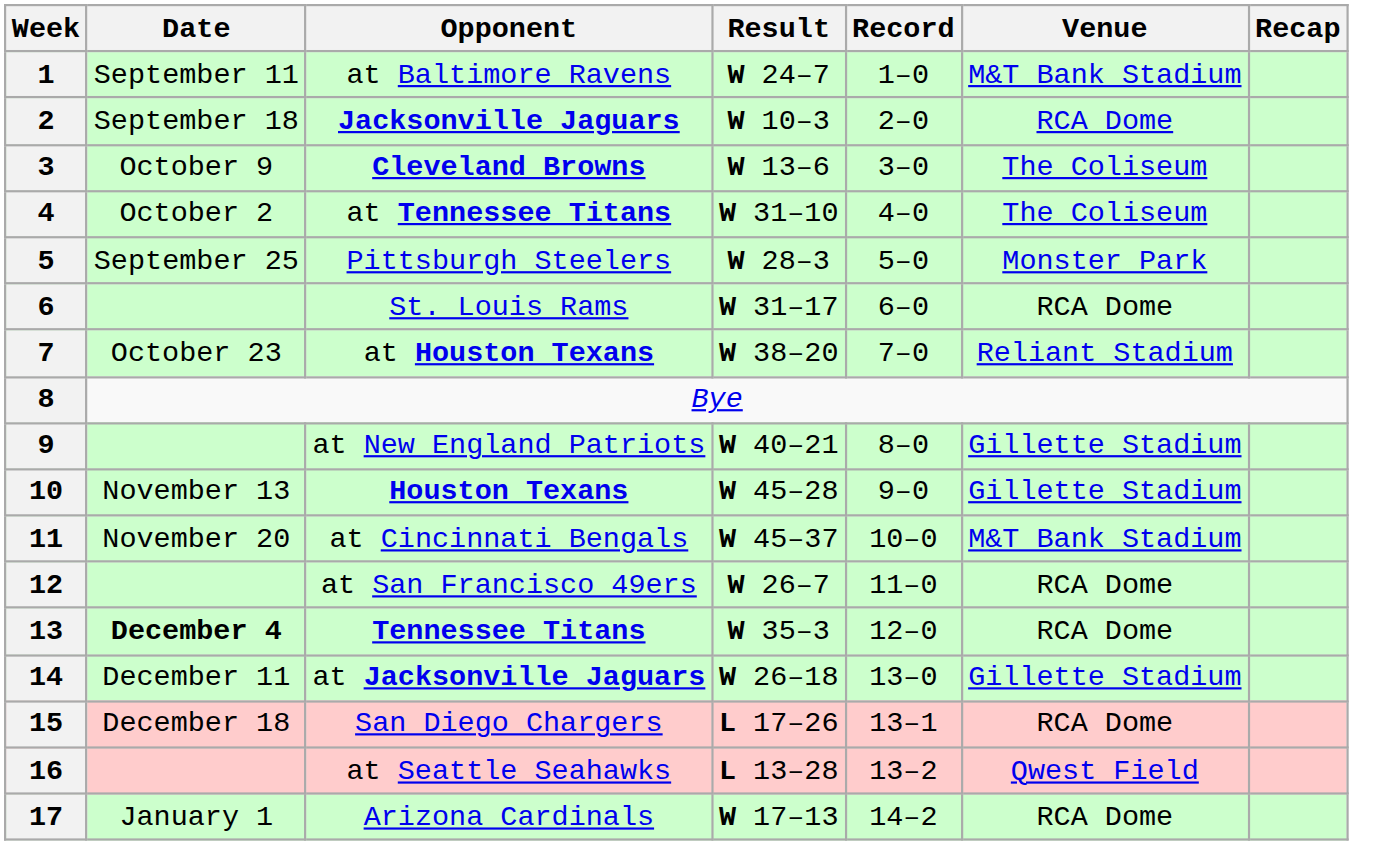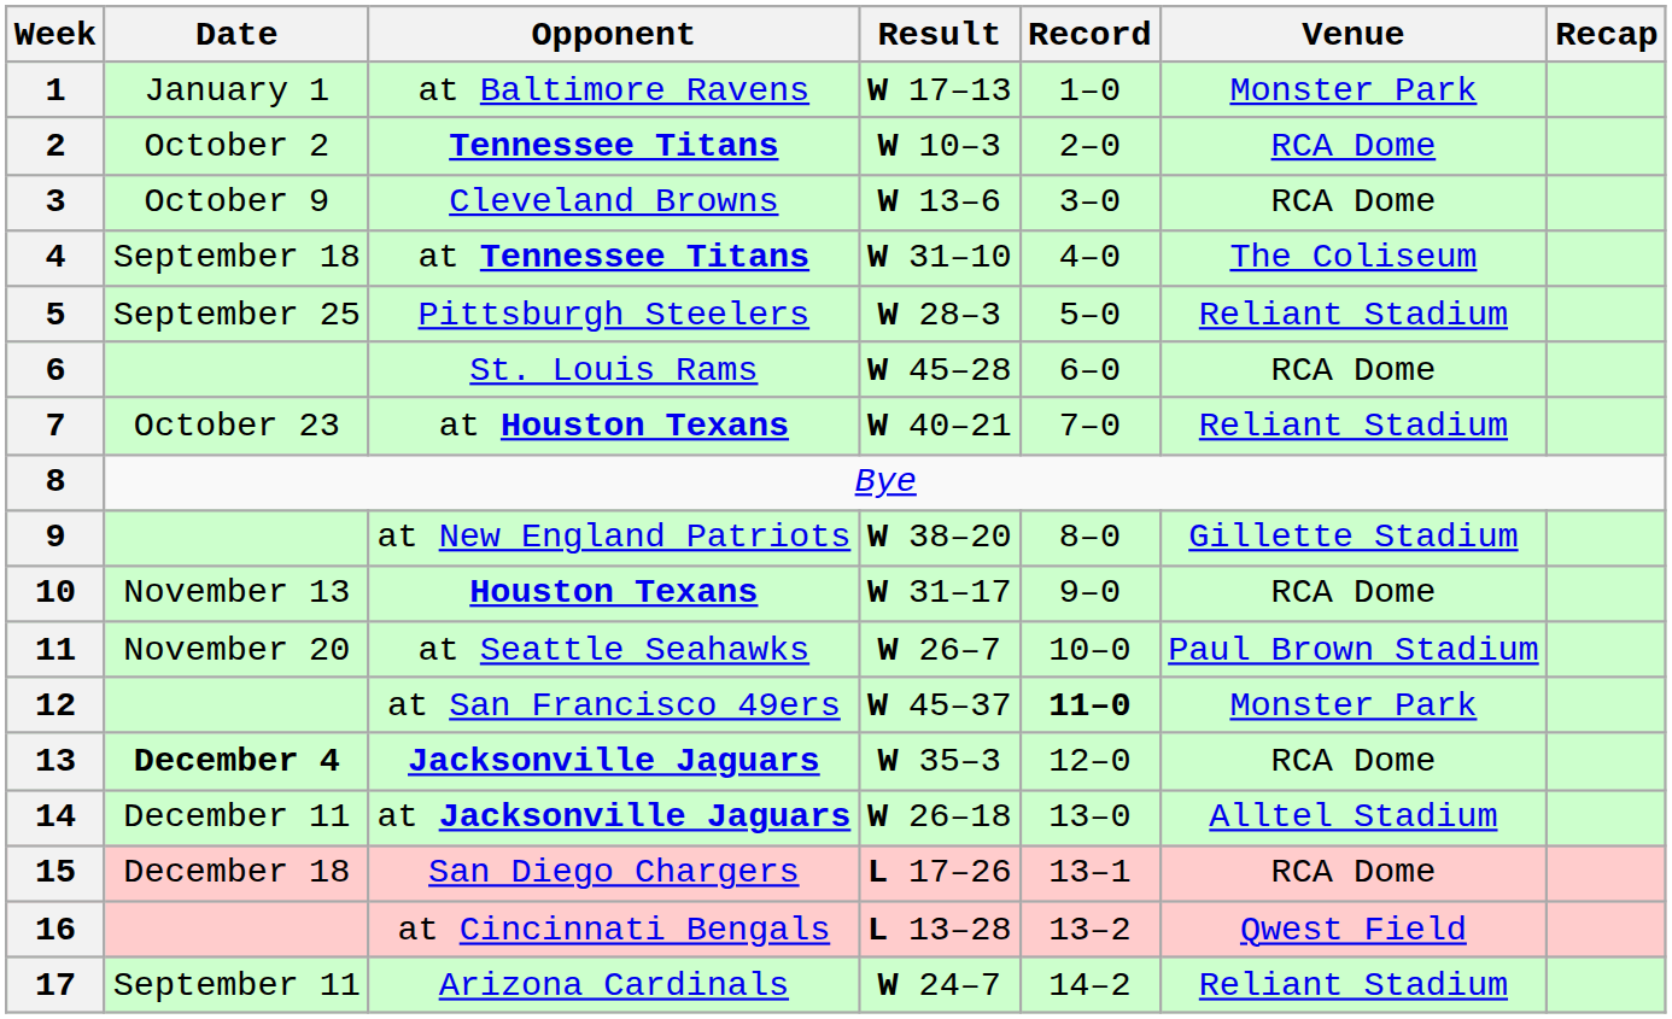 <table class="wikitable" style="text-align:center">
 <tr>
 <th>Week</th>
 <th>Date</th>
 <th>Opponent</th>
 <th>Result</th>
 <th>Record</th>
 <th>Venue</th>
 <th>Recap</th>
 </tr>
 <tr style="background:#cfc; text-align:center;">
 <th>1</th>
-<td>September 11</td>
+<td>January 1</td>
 <td>at <a href='#'>Baltimore Ravens</a></td>
-<td><strong>W</strong> 24–7</td>
+<td><strong>W</strong> 17–13</td>
 <td>1–0</td>
-<td><a href='#'>M&T Bank Stadium</a></td>
+<td><a href='#'>Monster Park</a></td>
 <td></td>
 </tr>
 <tr style="background:#cfc; text-align:center;">
 <th>2</th>
-<td>September 18</td>
-<td><strong><a href='#'>Jacksonville Jaguars</a></strong></td>
+<td>October 2</td>
+<td><strong><a href='#'>Tennessee Titans</a></strong></td>
 <td><strong>W</strong> 10–3</td>
 <td>2–0</td>
 <td><a href='#'>RCA Dome</a></td>
 <td></td>
 </tr>
 <tr style="background:#cfc; text-align:center;">
 <th>3</th>
 <td>October 9</td>
-<td><strong><a href='#'>Cleveland Browns</a></strong></td>
+<td><a href='#'>Cleveland Browns</a></td>
 <td><strong>W</strong> 13–6</td>
 <td>3–0</td>
-<td><a href='#'>The Coliseum</a></td>
+<td>RCA Dome</td>
 <td></td>
 </tr>
 <tr style="background:#cfc; text-align:center;">
 <th>4</th>
-<td>October 2</td>
+<td>September 18</td>
 <td>at <strong><a href='#'>Tennessee Titans</a></strong></td>
 <td><strong>W</strong> 31–10</td>
 <td>4–0</td>
 <td><a href='#'>The Coliseum</a></td>
 <td></td>
 </tr>
 <tr style="background:#cfc; text-align:center;">
 <th>5</th>
 <td>September 25</td>
 <td><a href='#'>Pittsburgh Steelers</a></td>
 <td><strong>W</strong> 28–3</td>
 <td>5–0</td>
-<td><a href='#'>Monster Park</a></td>
+<td><a href='#'>Reliant Stadium</a></td>
 <td></td>
 </tr>
 <tr style="background:#cfc; text-align:center;">
 <th>6</th>
 <td></td>
 <td><a href='#'>St. Louis Rams</a></td>
-<td><strong>W</strong> 31–17</td>
+<td><strong>W</strong> 45–28</td>
 <td>6–0</td>
 <td>RCA Dome</td>
 <td></td>
 </tr>
 <tr style="background:#cfc; text-align:center;">
 <th>7</th>
 <td>October 23</td>
 <td>at <strong><a href='#'>Houston Texans</a></strong></td>
-<td><strong>W</strong> 38–20</td>
+<td><strong>W</strong> 40–21</td>
 <td>7–0</td>
 <td><a href='#'>Reliant Stadium</a></td>
 <td></td>
 </tr>
 <tr style="text-align:center;">
 <th>8</th>
 <td colspan="6" style="text-align:center;"><em><a href='#'>Bye</a></em></td>
 </tr>
 <tr style="background:#cfc; text-align:center;">
 <th>9</th>
 <td></td>
 <td>at <a href='#'>New England Patriots</a></td>
-<td><strong>W</strong> 40–21</td>
+<td><strong>W</strong> 38–20</td>
 <td>8–0</td>
 <td><a href='#'>Gillette Stadium</a></td>
 <td></td>
 </tr>
 <tr style="background:#cfc; text-align:center;">
 <th>10</th>
 <td>November 13</td>
 <td><strong><a href='#'>Houston Texans</a></strong></td>
-<td><strong>W</strong> 45–28</td>
+<td><strong>W</strong> 31–17</td>
 <td>9–0</td>
-<td><a href='#'>Gillette Stadium</a></td>
+<td>RCA Dome</td>
 <td></td>
 </tr>
 <tr style="background:#cfc; text-align:center;">
 <th>11</th>
 <td>November 20</td>
-<td>at <a href='#'>Cincinnati Bengals</a></td>
-<td><strong>W</strong> 45–37</td>
+<td>at <a href='#'>Seattle Seahawks</a></td>
+<td><strong>W</strong> 26–7</td>
 <td>10–0</td>
-<td><a href='#'>M&T Bank Stadium</a></td>
+<td><a href='#'>Paul Brown Stadium</a></td>
 <td></td>
 </tr>
 <tr style="background:#cfc; text-align:center;">
 <th>12</th>
 <td></td>
 <td>at <a href='#'>San Francisco 49ers</a></td>
-<td><strong>W</strong> 26–7</td>
-<td>11–0</td>
-<td>RCA Dome</td>
+<td><strong>W</strong> 45–37</td>
+<td><strong>11–0</strong></td>
+<td><a href='#'>Monster Park</a></td>
 <td></td>
 </tr>
 <tr style="background:#cfc; text-align:center;">
 <th>13</th>
 <td><strong>December 4</strong></td>
-<td><strong><a href='#'>Tennessee Titans</a></strong></td>
+<td><strong><a href='#'>Jacksonville Jaguars</a></strong></td>
 <td><strong>W</strong> 35–3</td>
 <td>12–0</td>
 <td>RCA Dome</td>
 <td></td>
 </tr>
 <tr style="background:#cfc; text-align:center;">
 <th>14</th>
 <td>December 11</td>
 <td>at <strong><a href='#'>Jacksonville Jaguars</a></strong></td>
 <td><strong>W</strong> 26–18</td>
 <td>13–0</td>
-<td><a href='#'>Gillette Stadium</a></td>
+<td><a href='#'>Alltel Stadium</a></td>
 <td></td>
 </tr>
 <tr style="background:#fcc; text-align:center;">
 <th>15</th>
 <td>December 18</td>
 <td><a href='#'>San Diego Chargers</a></td>
 <td><strong>L</strong> 17–26</td>
 <td>13–1</td>
 <td>RCA Dome</td>
 <td></td>
 </tr>
 <tr style="background:#fcc; text-align:center;">
 <th>16</th>
 <td></td>
-<td>at <a href='#'>Seattle Seahawks</a></td>
+<td>at <a href='#'>Cincinnati Bengals</a></td>
 <td><strong>L</strong> 13–28</td>
 <td>13–2</td>
 <td><a href='#'>Qwest Field</a></td>
 <td></td>
 </tr>
 <tr style="background:#cfc; text-align:center;">
 <th>17</th>
-<td>January 1</td>
+<td>September 11</td>
 <td><a href='#'>Arizona Cardinals</a></td>
-<td><strong>W</strong> 17–13</td>
+<td><strong>W</strong> 24–7</td>
 <td>14–2</td>
-<td>RCA Dome</td>
+<td><a href='#'>Reliant Stadium</a></td>
 <td></td>
 </tr>
 </table>
